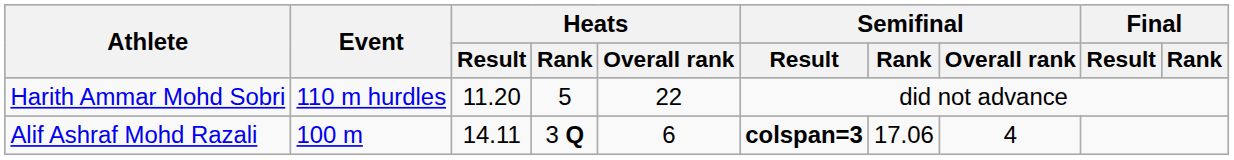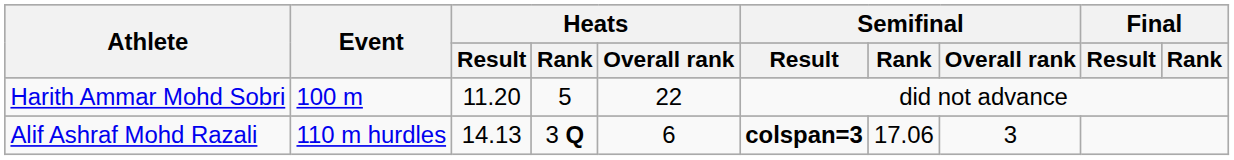 <table class="wikitable" style="font-size:90%">
 <tr>
 <th rowspan=2>Athlete</th>
 <th rowspan=2>Event</th>
 <th colspan=3>Heats</th>
 <th colspan=3>Semifinal</th>
 <th colspan=2>Final</th>
 </tr>
 <tr style="font-size:95%">
 <th>Result</th>
 <th>Rank</th>
 <th>Overall rank</th>
 <th>Result</th>
 <th>Rank</th>
 <th>Overall rank</th>
 <th>Result</th>
 <th>Rank</th>
 </tr>
 <tr align=center>
 <td align=left><a href='#'>Harith Ammar Mohd Sobri</a></td>
-<td align=left><a href='#'>110 m hurdles</a></td>
+<td align=left><a href='#'>100 m</a></td>
 <td>11.20</td>
 <td>5</td>
 <td>22</td>
 <td colspan=5>did not advance</td>
 </tr>
 <tr align=center>
 <td align=left><a href='#'>Alif Ashraf Mohd Razali</a></td>
-<td align=left><a href='#'>100 m</a></td>
-<td>14.11</td>
+<td align=left><a href='#'>110 m hurdles</a></td>
+<td>14.13</td>
 <td>3 <strong>Q</strong></td>
 <td>6</td>
 <td><strong>colspan=3 </strong></td>
 <td>17.06</td>
-<td>4</td>
+<td>3</td>
 </tr>
 </table>
